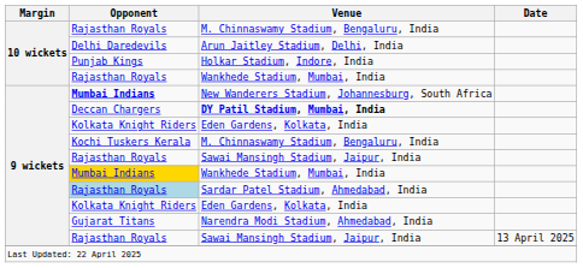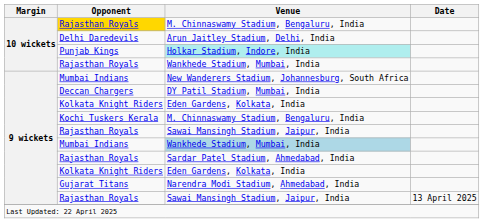 <table class="wikitable">
 <tr>
 <th>Margin</th>
 <th>Opponent</th>
 <th>Venue</th>
 <th>Date</th>
 </tr>
 <tr>
 <th rowspan=4>10 wickets</th>
-<td><a href='#'>Rajasthan Royals</a></td>
+<td style="background: gold;"><a href='#'>Rajasthan Royals</a></td>
 <td><a href='#'>M. Chinnaswamy Stadium</a>, <a href='#'>Bengaluru</a>, India</td>
 <td></td>
 </tr>
 <tr>
 <td><a href='#'>Delhi Daredevils</a></td>
 <td><a href='#'>Arun Jaitley Stadium</a>, <a href='#'>Delhi</a>, India</td>
 <td></td>
 </tr>
 <tr>
 <td><a href='#'>Punjab Kings</a></td>
-<td><a href='#'>Holkar Stadium</a>, <a href='#'>Indore</a>, India</td>
+<td style="background: paleturquoise;"><a href='#'>Holkar Stadium</a>, <a href='#'>Indore</a>, India</td>
 <td></td>
 </tr>
 <tr>
 <td><a href='#'>Rajasthan Royals</a></td>
 <td><a href='#'>Wankhede Stadium</a>, <a href='#'>Mumbai</a>, India</td>
 <td></td>
 </tr>
 <tr>
 <th rowspan="10">9 wickets</th>
-<td><strong><a href='#'>Mumbai Indians</a></strong></td>
+<td><a href='#'>Mumbai Indians</a></td>
 <td><a href='#'>New Wanderers Stadium</a>, <a href='#'>Johannesburg</a>, South Africa</td>
 <td></td>
 </tr>
 <tr>
 <td><a href='#'>Deccan Chargers</a></td>
-<td><strong><a href='#'>DY Patil Stadium</a>, <a href='#'>Mumbai</a>, India</strong></td>
+<td><a href='#'>DY Patil Stadium</a>, <a href='#'>Mumbai</a>, India</td>
 <td></td>
 </tr>
 <tr>
 <td><a href='#'>Kolkata Knight Riders</a></td>
 <td><a href='#'>Eden Gardens</a>, <a href='#'>Kolkata</a>, India</td>
 <td></td>
 </tr>
 <tr>
 <td><a href='#'>Kochi Tuskers Kerala</a></td>
 <td><a href='#'>M. Chinnaswamy Stadium</a>, <a href='#'>Bengaluru</a>, India</td>
 <td></td>
 </tr>
 <tr>
 <td><a href='#'>Rajasthan Royals</a></td>
 <td><a href='#'>Sawai Mansingh Stadium</a>, <a href='#'>Jaipur</a>, India</td>
 <td></td>
 </tr>
 <tr>
-<td style="background: gold;"><a href='#'>Mumbai Indians</a></td>
-<td><a href='#'>Wankhede Stadium</a>, <a href='#'>Mumbai</a>, India</td>
+<td><a href='#'>Mumbai Indians</a></td>
+<td style="background: lightblue;"><a href='#'>Wankhede Stadium</a>, <a href='#'>Mumbai</a>, India</td>
 <td></td>
 </tr>
 <tr>
-<td style="background: lightblue;"><a href='#'>Rajasthan Royals</a></td>
+<td><a href='#'>Rajasthan Royals</a></td>
 <td><a href='#'>Sardar Patel Stadium</a>, <a href='#'>Ahmedabad</a>, India</td>
 <td></td>
 </tr>
 <tr>
 <td><a href='#'>Kolkata Knight Riders</a></td>
 <td><a href='#'>Eden Gardens</a>, <a href='#'>Kolkata</a>, India</td>
 <td></td>
 </tr>
 <tr>
 <td><a href='#'>Gujarat Titans</a></td>
 <td><a href='#'>Narendra Modi Stadium</a>, <a href='#'>Ahmedabad</a>, India</td>
 <td></td>
 </tr>
 <tr>
 <td><a href='#'>Rajasthan Royals</a></td>
 <td><a href='#'>Sawai Mansingh Stadium</a>, <a href='#'>Jaipur</a>, India</td>
 <td>13 April 2025</td>
 </tr>
 <tr>
 </tr>
 <tr class=sortbottom>
 <td colspan=4><small>Last Updated: 22 April 2025</small></td>
 </tr>
 </table>
